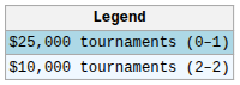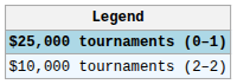 <table class="wikitable" style=font-size:90%>
 <tr>
 <th>Legend</th>
 </tr>
 <tr style="background:lightblue;">
-<td>$25,000 tournaments (0–1)</td>
+<td><strong>$25,000 tournaments (0–1)</strong></td>
 </tr>
 <tr style="background:#f0f8ff;">
 <td>$10,000 tournaments (2–2)</td>
 </tr>
 </table>
